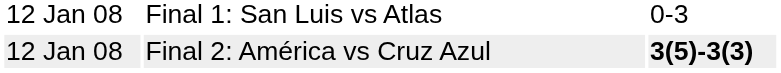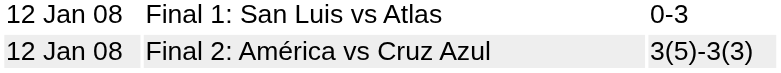 <table>
 <tr>
 <td width="80">12 Jan 08</td>
 <td width="300">Final 1: San Luis vs Atlas</td>
 <td width="75">0-3</td>
 </tr>
 <tr bgcolor=#eeeeee>
 <td>12 Jan 08</td>
 <td>Final 2: América vs Cruz Azul</td>
-<td><strong>3(5)-3(3)</strong></td>
+<td>3(5)-3(3)</td>
 </tr>
 </table>
